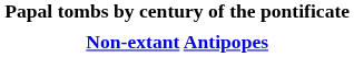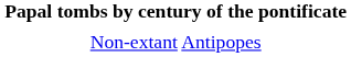 <table id="toc" class="toc" summary="Centuries" style="margin:auto;">
 <tr>
 <th>Papal tombs by century of the pontificate</th>
 </tr>
 <tr>
 <td style="text-align:center;"></td>
 </tr>
 <tr>
-<td style="text-align:center;"><strong><a href='#'>Non-extant</a> <a href='#'>Antipopes</a></strong></td>
+<td style="text-align:center;"><a href='#'>Non-extant</a> <a href='#'>Antipopes</a></td>
 </tr>
 </table>
